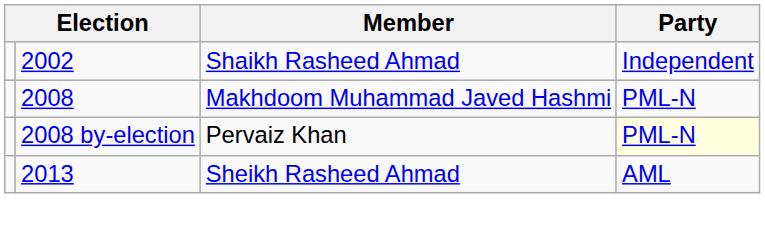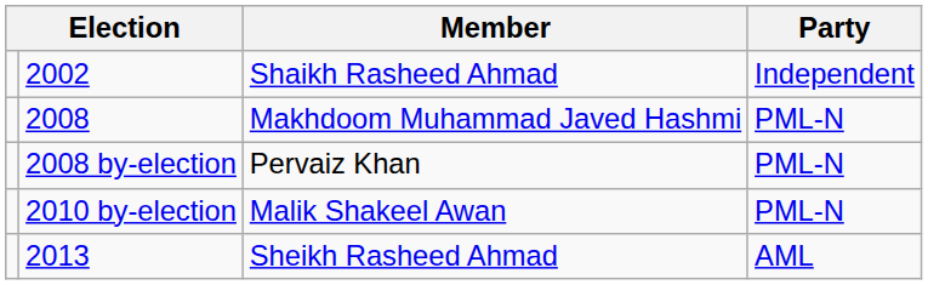 <table class="wikitable">
 <tr>
 <th colspan="2">Election</th>
 <th>Member</th>
 <th>Party</th>
 </tr>
 <tr>
 <td style="background-color: "></td>
 <td><a href='#'>2002</a></td>
 <td><a href='#'>Shaikh Rasheed Ahmad</a></td>
 <td><a href='#'>Independent</a></td>
 </tr>
 <tr>
 <td style="background-color: "></td>
 <td><a href='#'>2008</a></td>
 <td><a href='#'>Makhdoom Muhammad Javed Hashmi</a></td>
 <td><a href='#'>PML-N</a></td>
 </tr>
 <tr>
 <td style="background-color: "></td>
 <td><a href='#'>2008 by-election</a></td>
 <td>Pervaiz Khan</td>
-<td style="background: lightyellow;"><a href='#'>PML-N</a></td>
+<td><a href='#'>PML-N</a></td>
+</tr>
+<tr>
+<td style="background-color: "></td>
+<td><a href='#'>2010 by-election</a></td>
+<td><a href='#'>Malik Shakeel Awan</a></td>
+<td><a href='#'>PML-N</a></td>
 </tr>
 <tr>
 <td style="background-color: "></td>
 <td><a href='#'>2013</a></td>
 <td><a href='#'>Sheikh Rasheed Ahmad</a></td>
 <td><a href='#'>AML</a></td>
 </tr>
 </table>
